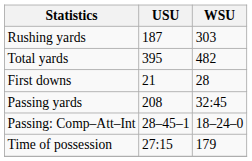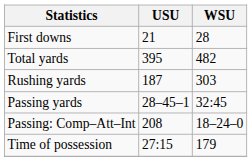 <table class="wikitable" style="float: left;">
 <tr>
 <th>Statistics</th>
 <th>USU</th>
 <th>WSU</th>
 </tr>
 <tr>
-<td>Rushing yards</td>
-<td>187</td>
-<td>303</td>
+<td>First downs</td>
+<td>21</td>
+<td>28</td>
 </tr>
 <tr>
 <td>Total yards</td>
 <td>395</td>
 <td>482</td>
 </tr>
 <tr>
-<td>First downs</td>
-<td>21</td>
-<td>28</td>
+<td>Rushing yards</td>
+<td>187</td>
+<td>303</td>
 </tr>
 <tr>
 <td>Passing yards</td>
-<td>208</td>
+<td>28–45–1</td>
 <td>32:45</td>
 </tr>
 <tr>
 <td>Passing: Comp–Att–Int</td>
-<td>28–45–1</td>
+<td>208</td>
 <td>18–24–0</td>
 </tr>
 <tr>
 <td>Time of possession</td>
 <td>27:15</td>
 <td>179</td>
 </tr>
 <tr>
 </tr>
 </table>
